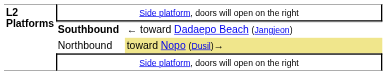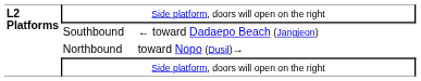 <table table border=0 cellspacing=0 cellpadding=3>
 <tr>
 <td style="border-top:solid 1px gray;border-bottom:solid 1px gray;" width=50 rowspan=10 valign=top><strong>L2<br>Platforms</strong></td>
 <td style="border-top:solid 1px gray;border-right:solid 2px black;border-left:solid 2px black;border-bottom:solid 2px black;text-align:center;" colspan=2><small><a href='#'>Side platform</a>, doors will open on the right</small></td>
 </tr>
 <tr>
-<td style="border-bottom:solid 0px gray;border-top:solid 1px gray;" width=100><strong>Southbound</strong></td>
+<td style="border-bottom:solid 0px gray;border-top:solid 1px gray;" width=100>Southbound</td>
 <td style="border-bottom:solid 0px gray;border-top:solid 1px gray;" width=390>←  toward <a href='#'>Dadaepo Beach</a> <small>(<a href='#'>Jangjeon</a>)</small></td>
 </tr>
 <tr>
 <td>Northbound</td>
-<td style="background: khaki;">  toward <a href='#'>Nopo</a> <small>(<a href='#'>Dusil</a>)</small>→</td>
+<td>  toward <a href='#'>Nopo</a> <small>(<a href='#'>Dusil</a>)</small>→</td>
 </tr>
 <tr>
 <td style="border-top:solid 2px black;border-right:solid 2px black;border-left:solid 2px black;border-bottom:solid 1px gray;text-align:center;" colspan=2><small><a href='#'>Side platform</a>, doors will open on the right</small></td>
 </tr>
 </table>
